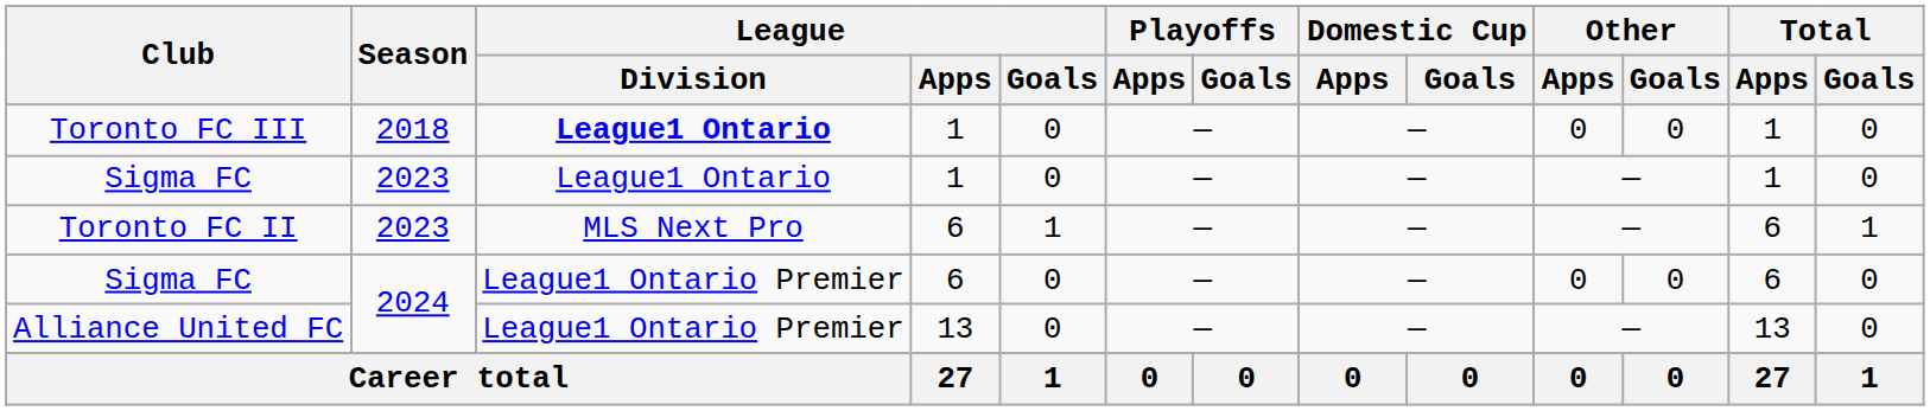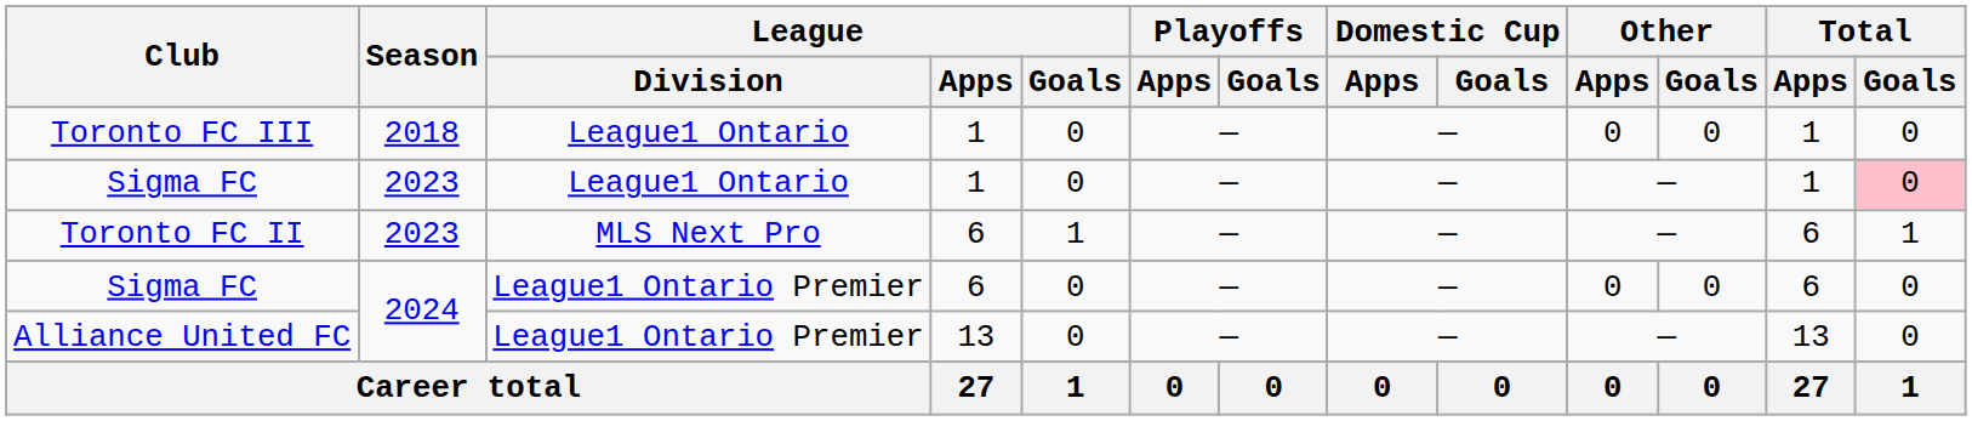 <table class="wikitable" style="text-align: center">
 <tr>
 <th rowspan="2">Club</th>
 <th rowspan="2">Season</th>
 <th colspan="3">League</th>
 <th colspan="2">Playoffs</th>
 <th colspan="2">Domestic Cup</th>
 <th colspan="2">Other</th>
 <th colspan="2">Total</th>
 </tr>
 <tr>
 <th>Division</th>
 <th>Apps</th>
 <th>Goals</th>
 <th>Apps</th>
 <th>Goals</th>
 <th>Apps</th>
 <th>Goals</th>
 <th>Apps</th>
 <th>Goals</th>
 <th>Apps</th>
 <th>Goals</th>
 </tr>
 <tr>
 <td><a href='#'>Toronto FC III</a></td>
 <td><a href='#'>2018</a></td>
-<td><strong><a href='#'>League1 Ontario</a></strong></td>
+<td><a href='#'>League1 Ontario</a></td>
 <td>1</td>
 <td>0</td>
 <td colspan=2>—</td>
 <td colspan=2>—</td>
 <td>0</td>
 <td>0</td>
 <td>1</td>
 <td>0</td>
 </tr>
 <tr>
 <td><a href='#'>Sigma FC</a></td>
 <td><a href='#'>2023</a></td>
 <td><a href='#'>League1 Ontario</a></td>
 <td>1</td>
 <td>0</td>
 <td colspan=2>—</td>
 <td colspan=2>—</td>
 <td colspan="2">—</td>
 <td>1</td>
-<td>0</td>
+<td style="background: pink;">0</td>
 </tr>
 <tr>
 <td><a href='#'>Toronto FC II</a></td>
 <td><a href='#'>2023</a></td>
 <td><a href='#'>MLS Next Pro</a></td>
 <td>6</td>
 <td>1</td>
 <td colspan=2>—</td>
 <td colspan=2>—</td>
 <td colspan="2">—</td>
 <td>6</td>
 <td>1</td>
 </tr>
 <tr>
 <td><a href='#'>Sigma FC</a></td>
 <td rowspan=2><a href='#'>2024</a></td>
 <td><a href='#'>League1 Ontario</a> Premier</td>
 <td>6</td>
 <td>0</td>
 <td colspan=2>—</td>
 <td colspan=2>—</td>
 <td>0</td>
 <td>0</td>
 <td>6</td>
 <td>0</td>
 </tr>
 <tr>
 <td><a href='#'>Alliance United FC</a></td>
 <td><a href='#'>League1 Ontario</a> Premier</td>
 <td>13</td>
 <td>0</td>
 <td colspan=2>—</td>
 <td colspan=2>—</td>
 <td colspan="2">—</td>
 <td>13</td>
 <td>0</td>
 </tr>
 <tr>
 <th colspan="3"><strong>Career total</strong></th>
 <th>27</th>
 <th>1</th>
 <th>0</th>
 <th>0</th>
 <th>0</th>
 <th>0</th>
 <th>0</th>
 <th>0</th>
 <th>27</th>
 <th>1</th>
 </tr>
 </table>
